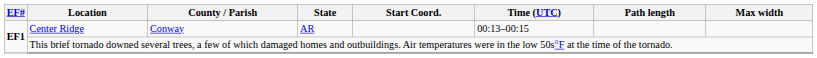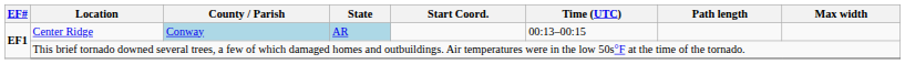 <table class="wikitable sortable" style="width:100%;">
 <tr>
 <th scope="col" width="2%" align="center"><a href='#'>EF#</a></th>
 <th scope="col" align="center" class="unsortable">Location</th>
 <th scope="col" align="center" class="unsortable">County / Parish</th>
 <th scope="col" align="center">State</th>
 <th scope="col" align="center" data-sort-type="number">Start Coord.</th>
 <th scope="col" align="center" data-sort-type="number">Time (<a href='#'>UTC</a>)</th>
 <th scope="col" align="center" data-sort-type="number">Path length</th>
 <th scope="col" align="center" data-sort-type="number">Max width</th>
 </tr>
 <tr>
 <td rowspan="2" align="center"><strong>EF1</strong></td>
 <td><a href='#'>Center Ridge</a></td>
-<td><a href='#'>Conway</a></td>
-<td><a href='#'>AR</a></td>
+<td style="background: lightblue;"><a href='#'>Conway</a></td>
+<td style="background: lightblue;"><a href='#'>AR</a></td>
 <td></td>
 <td>00:13–00:15</td>
 <td></td>
 <td></td>
 </tr>
 <tr class="expand-child">
 <td colspan="8" style=" border-bottom: 1px solid black;">This brief tornado downed several trees, a few of which damaged homes and outbuildings. Air temperatures were in the low 50s<a href='#'>°F</a> at the time of the tornado.</td>
 </tr>
 <tr>
 </tr>
 </table>
